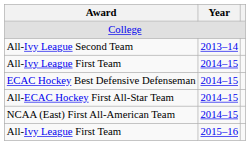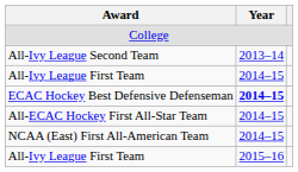 <table class="wikitable">
 <tr>
 <th>Award</th>
 <th>Year</th>
 <th></th>
 </tr>
 <tr ALIGN="center" bgcolor="#e0e0e0">
 <td colspan="3"><a href='#'>College</a></td>
 </tr>
 <tr>
 <td>All-<a href='#'>Ivy League</a> Second Team</td>
 <td><a href='#'>2013–14</a></td>
 <td></td>
 </tr>
 <tr>
 <td>All-<a href='#'>Ivy League</a> First Team</td>
 <td><a href='#'>2014–15</a></td>
 <td></td>
 </tr>
 <tr>
 <td><a href='#'>ECAC Hockey</a> Best Defensive Defenseman</td>
-<td><a href='#'>2014–15</a></td>
+<td><strong><a href='#'>2014–15</a></strong></td>
 <td></td>
 </tr>
 <tr>
 <td>All-<a href='#'>ECAC Hockey</a> First All-Star Team</td>
 <td><a href='#'>2014–15</a></td>
 <td></td>
 </tr>
 <tr>
 <td>NCAA (East) First All-American Team</td>
 <td><a href='#'>2014–15</a></td>
 <td></td>
 </tr>
 <tr>
 <td>All-<a href='#'>Ivy League</a> First Team</td>
 <td><a href='#'>2015–16</a></td>
 <td></td>
 </tr>
 </table>
